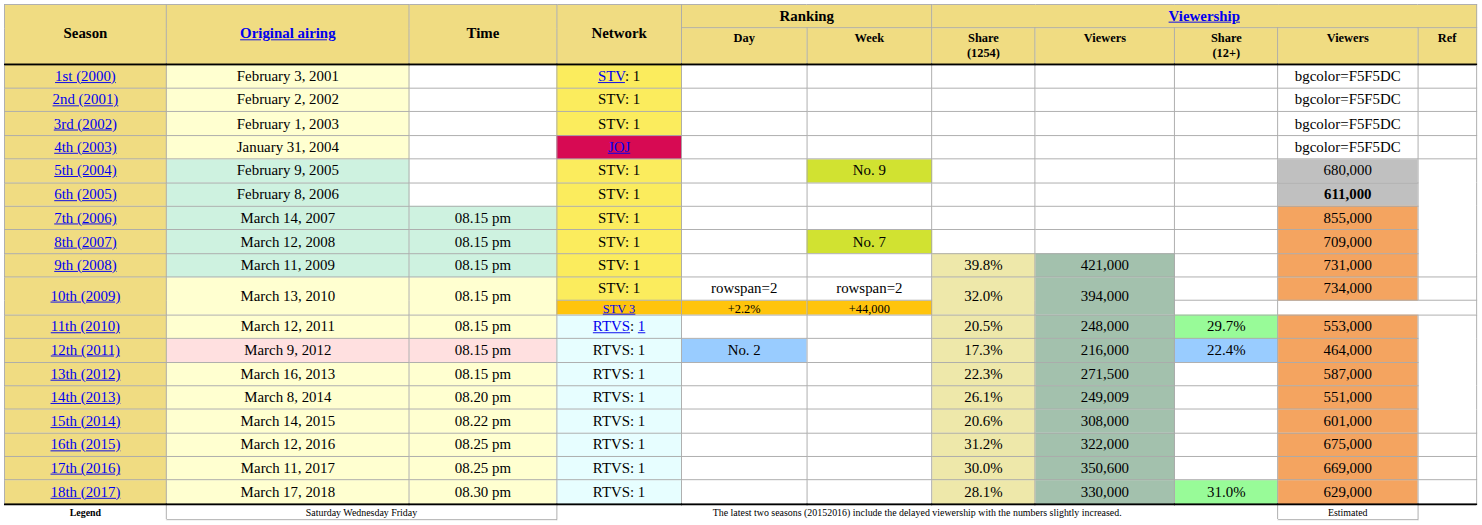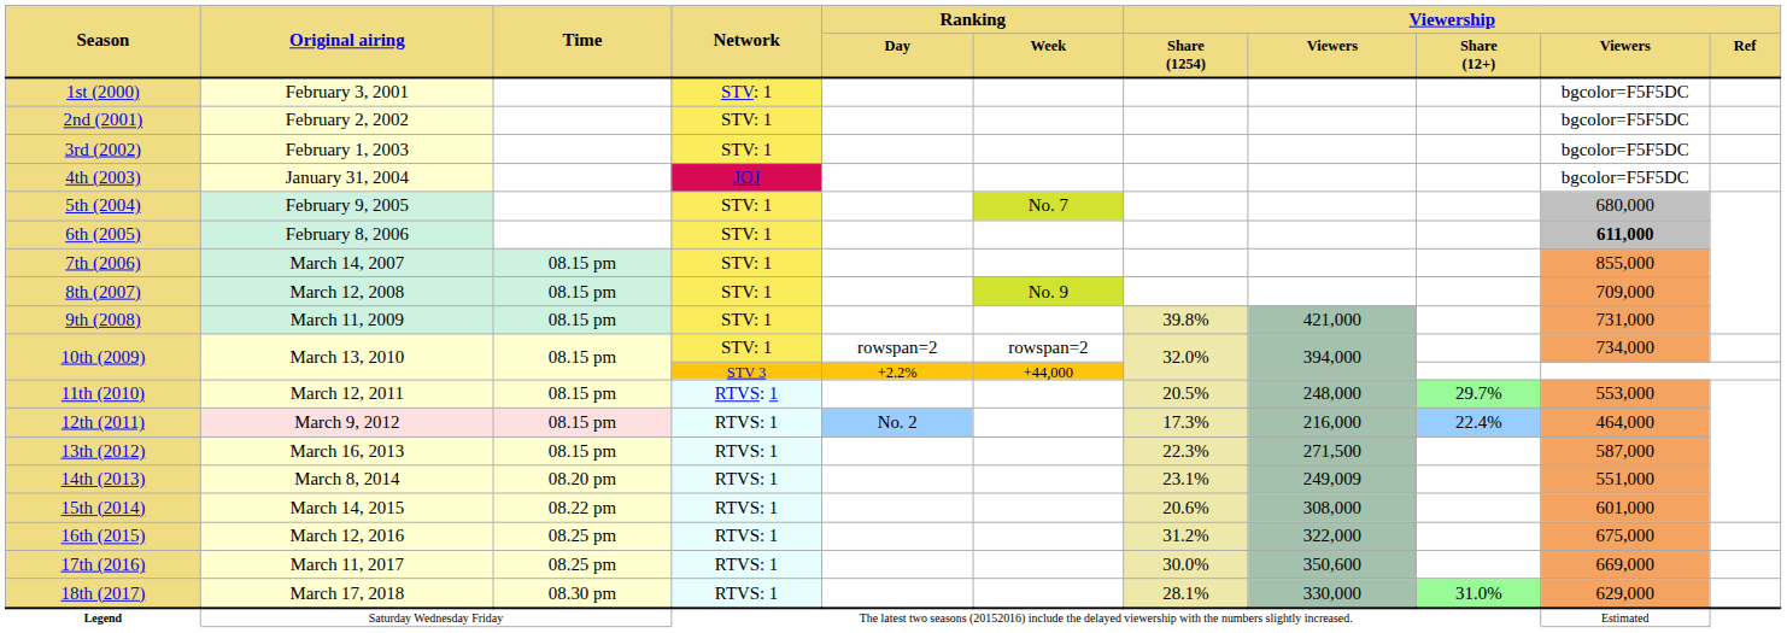 <table class="wikitable" style="text-align:center; background:white; width:100%">
 <tr>
 <th rowspan=2 width=11% style=background:#F0DC82>Season</th>
 <th rowspan=2 width=16.5% style=background:#F0DC82><a href='#'>Original airing</a></th>
 <th rowspan=2 width=10% style=background:#F0DC82>Time <br></th>
 <th rowspan=2 width=8.5% style=background:#F0DC82>Network <br></th>
 <th colspan=2 width=16% style=background:#F0DC82>Ranking</th>
 <th colspan=5 width=37% style=background:#F0DC82><a href='#'>Viewership</a></th>
 </tr>
 <tr style=font-size:smaller>
 <th width=8.5% style=background:#F0DC82 valign=top>Day</th>
 <th width=8.5% style=background:#F0DC82 valign=top>Week</th>
 <th width=7% style=background:#F0DC82 valign=top>Share <br>(1254)</th>
 <th width=9.5% style=background:#F0DC82 valign=top>Viewers</th>
 <th width=7% style=background:#F0DC82 valign=top>Share  <br>(12+)</th>
 <th width=9.5% style=background:#F0DC82 valign=top>Viewers</th>
 <th width=4% style=background:#F0DC82 valign=top>Ref</th>
 </tr>
 <tr style="border-top:solid 2px; background:#FFFFFF">
 <td bgcolor=F0DC82><a href='#'>1st (2000)</a></td>
 <td bgcolor=FFFFD0>February 3, 2001</td>
 <td></td>
 <td bgcolor=FBEC5D><a href='#'>STV</a>: 1</td>
 <td></td>
 <td></td>
 <td></td>
 <td></td>
 <td></td>
 <td>bgcolor=F5F5DC </td>
 <td width=4%></td>
 </tr>
 <tr>
 <td bgcolor=F0DC82><a href='#'>2nd (2001)</a></td>
 <td bgcolor=FFFFD0>February 2, 2002</td>
 <td></td>
 <td bgcolor=FBEC5D>STV: 1</td>
 <td></td>
 <td></td>
 <td></td>
 <td></td>
 <td></td>
 <td>bgcolor=F5F5DC </td>
 <td width=4%></td>
 </tr>
 <tr>
 <td bgcolor=F0DC82><a href='#'>3rd (2002)</a></td>
 <td bgcolor=FFFFD0>February 1, 2003</td>
 <td></td>
 <td bgcolor=FBEC5D>STV: 1</td>
 <td></td>
 <td></td>
 <td></td>
 <td></td>
 <td></td>
 <td>bgcolor=F5F5DC </td>
 <td width=4%></td>
 </tr>
 <tr>
 <td bgcolor=F0DC82><a href='#'>4th (2003)</a></td>
 <td bgcolor=FFFFD0>January 31, 2004</td>
 <td></td>
 <td bgcolor=D70A53><a href='#'><span>JOJ</span></a></td>
 <td></td>
 <td></td>
 <td></td>
 <td></td>
 <td></td>
 <td>bgcolor=F5F5DC </td>
 <td width=4%></td>
 </tr>
 <tr>
 <td bgcolor=F0DC82><a href='#'>5th (2004)</a></td>
 <td bgcolor=CEF2E0>February 9, 2005</td>
 <td></td>
 <td bgcolor=FBEC5D>STV: 1</td>
 <td></td>
-<td bgcolor=D1E231>No. 9</td>
+<td bgcolor=D1E231>No. 7</td>
 <td></td>
 <td></td>
 <td></td>
 <td bgcolor=SILVER>680,000</td>
 <td width=4% rowspan=5></td>
 </tr>
 <tr>
 <td bgcolor=F0DC82><a href='#'>6th (2005)</a></td>
 <td bgcolor=CEF2E0>February 8, 2006</td>
 <td></td>
 <td bgcolor=FBEC5D>STV: 1</td>
 <td></td>
 <td></td>
 <td></td>
 <td></td>
 <td></td>
 <td bgcolor=SILVER><strong>611,000</strong></td>
 </tr>
 <tr>
 <td bgcolor=F0DC82><a href='#'>7th (2006)</a></td>
 <td bgcolor=CEF2E0>March 14, 2007</td>
 <td bgcolor=CEF2E0>08.15 pm</td>
 <td bgcolor=FBEC5D>STV: 1</td>
 <td></td>
 <td></td>
 <td></td>
 <td></td>
 <td></td>
 <td bgcolor=F4A460>855,000</td>
 </tr>
 <tr>
 <td bgcolor=F0DC82><a href='#'>8th (2007)</a></td>
 <td bgcolor=CEF2E0>March 12, 2008</td>
 <td bgcolor=CEF2E0>08.15 pm</td>
 <td bgcolor=FBEC5D>STV: 1</td>
 <td></td>
-<td bgcolor=D1E231>No. 7</td>
+<td bgcolor=D1E231>No. 9</td>
 <td></td>
 <td></td>
 <td></td>
 <td bgcolor=F4A460>709,000</td>
 </tr>
 <tr>
 <td bgcolor=F0DC82><a href='#'>9th (2008)</a></td>
 <td bgcolor=CEF2E0>March 11, 2009</td>
 <td bgcolor=CEF2E0>08.15 pm</td>
 <td bgcolor=FBEC5D>STV: 1</td>
 <td></td>
 <td></td>
 <td bgcolor=EEE8AA>39.8%</td>
 <td bgcolor=A3C1AD>421,000</td>
 <td></td>
 <td bgcolor=F4A460>731,000</td>
 </tr>
 <tr>
 <td rowspan=2 bgcolor=F0DC82><a href='#'>10th (2009)</a></td>
 <td rowspan=2 bgcolor=FFFFD0>March 13, 2010</td>
 <td rowspan=2 bgcolor=FFFFD0>08.15 pm</td>
 <td bgcolor=FBEC5D>STV: 1</td>
 <td>rowspan=2 </td>
 <td>rowspan=2 </td>
 <td rowspan=2 bgcolor=EEE8AA>32.0%</td>
 <td rowspan=2 bgcolor=A3C1AD>394,000</td>
 <td></td>
 <td bgcolor=F4A460>734,000</td>
 <td width=4%></td>
 </tr>
 <tr>
 <td style=line-height:7px bgcolor=FFC40C><small><a href='#'>STV 3</a></small></td>
 <td style=line-height:7px bgcolor=FFC40C><small>+2.2%</small></td>
 <td style=line-height:7px bgcolor=FFC40C><small>+44,000</small></td>
 <td style=line-height:7px></td>
 </tr>
 <tr>
 <td bgcolor=F0DC82><a href='#'>11th (2010)</a></td>
 <td bgcolor=FFFFD0>March 12, 2011</td>
 <td bgcolor=FFFFD0>08.15 pm</td>
 <td bgcolor=#E7FEFF><a href='#'>RTVS</a>: <a href='#'>1</a></td>
 <td></td>
 <td></td>
 <td bgcolor=EEE8AA>20.5%</td>
 <td bgcolor=A3C1AD>248,000</td>
 <td bgcolor=98FB98>29.7%</td>
 <td bgcolor=F4A460>553,000</td>
 <td rowspan=5 width=4%></td>
 </tr>
 <tr>
 <td bgcolor=F0DC82><a href='#'>12th (2011)</a></td>
 <td bgcolor=FFE0E0>March 9, 2012</td>
 <td bgcolor=FFE0E0>08.15 pm</td>
 <td bgcolor=E7FEFF>RTVS: 1</td>
 <td bgcolor=99CCFF>No. 2</td>
 <td></td>
 <td bgcolor=EEE8AA>17.3%</td>
 <td bgcolor=A3C1AD>216,000</td>
 <td bgcolor=99CCFF>22.4%</td>
 <td bgcolor=F4A460>464,000</td>
 </tr>
 <tr>
 <td bgcolor=F0DC82><a href='#'>13th (2012)</a></td>
 <td bgcolor=FFFFD0>March 16, 2013</td>
 <td bgcolor=FFFFD0>08.15 pm</td>
 <td bgcolor=#E7FEFF>RTVS: 1</td>
 <td></td>
 <td></td>
 <td bgcolor=EEE8AA>22.3%</td>
 <td bgcolor=A3C1AD>271,500</td>
 <td></td>
 <td bgcolor=F4A460>587,000</td>
 </tr>
 <tr>
 <td bgcolor=F0DC82><a href='#'>14th (2013)</a></td>
 <td bgcolor=FFFFD0>March 8, 2014</td>
 <td bgcolor=FFFFD0>08.20 pm</td>
 <td bgcolor=#E7FEFF>RTVS: 1</td>
 <td></td>
 <td></td>
-<td bgcolor=EEE8AA>26.1%</td>
+<td bgcolor=EEE8AA>23.1%</td>
 <td bgcolor=A3C1AD>249,009</td>
 <td></td>
 <td bgcolor=F4A460>551,000</td>
 </tr>
 <tr>
 <td bgcolor=F0DC82><a href='#'>15th (2014)</a></td>
 <td bgcolor=FFFFD0>March 14, 2015</td>
 <td bgcolor=FFFFD0>08.22 pm</td>
 <td bgcolor=#E7FEFF>RTVS: 1</td>
 <td></td>
 <td></td>
 <td bgcolor=EEE8AA>20.6%</td>
 <td bgcolor=A3C1AD>308,000</td>
 <td></td>
 <td bgcolor=F4A460>601,000</td>
 </tr>
 <tr>
 <td bgcolor=F0DC82><a href='#'>16th (2015)</a></td>
 <td bgcolor=FFFFD0>March 12, 2016</td>
 <td bgcolor=FFFFD0>08.25 pm</td>
 <td bgcolor=#E7FEFF>RTVS: 1</td>
 <td></td>
 <td></td>
 <td bgcolor=EEE8AA>31.2%</td>
 <td bgcolor=A3C1AD>322,000</td>
 <td></td>
 <td bgcolor=F4A460>675,000</td>
 <td width=4%></td>
 </tr>
 <tr>
 <td bgcolor=F0DC82><a href='#'>17th (2016)</a></td>
 <td bgcolor=FFFFD0>March 11, 2017</td>
 <td bgcolor=FFFFD0>08.25 pm</td>
 <td bgcolor=#E7FEFF>RTVS: 1</td>
 <td></td>
 <td></td>
 <td bgcolor=EEE8AA>30.0%</td>
 <td bgcolor=A3C1AD>350,600</td>
 <td></td>
 <td bgcolor=F4A460>669,000</td>
 <td width=4%></td>
 </tr>
 <tr>
 <td bgcolor=F0DC82><a href='#'>18th (2017)</a></td>
 <td bgcolor=FFFFD0>March 17, 2018</td>
 <td bgcolor=FFFFD0>08.30 pm</td>
 <td bgcolor=#E7FEFF>RTVS: 1</td>
 <td></td>
 <td></td>
 <td bgcolor=EEE8AA>28.1%</td>
 <td bgcolor=A3C1AD>330,000</td>
 <td bgcolor=98FB98>31.0%</td>
 <td bgcolor=F4A460>629,000</td>
 <td width=4%></td>
 </tr>
 <tr style="border-top:solid 2px; background:#FFF">
 <td width=11% style="font-size:8pt; border-bottom:1px solid white; border-left:1px solid white" align=center><strong>Legend</strong></td>
 <td width=26.5% colspan=2 style="font-size:8pt" align=center>Saturday Wednesday Friday</td>
 <td width=49% colspan=6 style="font-size:8pt; border-bottom:1px solid white" align=center>The latest two seasons (20152016) include the delayed viewership with the numbers slightly increased.</td>
 <td width=9.5% style="font-size:8pt" align=center> Estimated</td>
 <td width=4% style="border-bottom:1px solid white; border-right:1px solid white"></td>
 </tr>
 </table>
